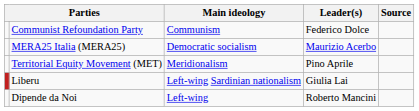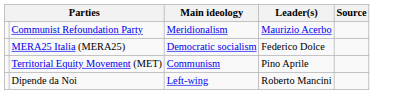 <table class="wikitable" style="font-size:95%">
 <tr>
 <th colspan=2>Parties</th>
 <th>Main ideology</th>
 <th>Leader(s)</th>
 <th>Source</th>
 </tr>
 <tr>
 <td></td>
 <td><a href='#'>Communist Refoundation Party</a></td>
-<td><a href='#'>Communism</a></td>
-<td>Federico Dolce</td>
+<td><a href='#'>Meridionalism</a></td>
+<td><a href='#'>Maurizio Acerbo</a></td>
 <td></td>
 </tr>
 <tr>
 <td></td>
 <td><a href='#'>MERA25 Italia</a> (MERA25)</td>
 <td><a href='#'>Democratic socialism</a></td>
-<td><a href='#'>Maurizio Acerbo</a></td>
+<td>Federico Dolce</td>
 <td></td>
 </tr>
 <tr>
 <td></td>
 <td><a href='#'>Territorial Equity Movement</a> (MET)</td>
-<td><a href='#'>Meridionalism</a></td>
+<td><a href='#'>Communism</a></td>
 <td>Pino Aprile</td>
-<td></td>
-</tr>
-<tr>
-<td bgcolor="#c2202"></td>
-<td>Liberu</td>
-<td><a href='#'>Left-wing</a> <a href='#'>Sardinian nationalism</a></td>
-<td>Giulia Lai</td>
 <td></td>
 </tr>
 <tr>
 <td></td>
 <td>Dipende da Noi</td>
 <td><a href='#'>Left-wing</a></td>
 <td>Roberto Mancini</td>
 <td></td>
 </tr>
 </table>
